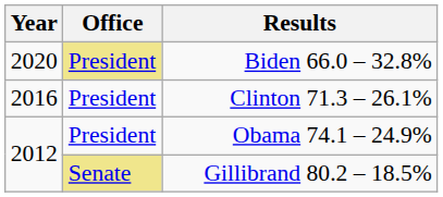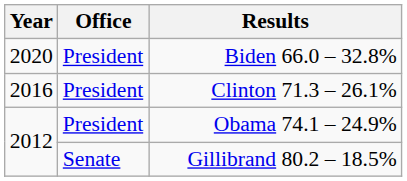 <table class=wikitable>
 <tr>
 <th width="30">Year</th>
 <th width="60">Office</th>
 <th width="180">Results</th>
 </tr>
 <tr>
 <td>2020</td>
-<td style="background: khaki;"><a href='#'>President</a></td>
+<td><a href='#'>President</a></td>
 <td align="right" ><a href='#'>Biden</a> 66.0 – 32.8%</td>
 </tr>
 <tr>
 <td>2016</td>
 <td><a href='#'>President</a></td>
 <td align="right" ><a href='#'>Clinton</a> 71.3 – 26.1%</td>
 </tr>
 <tr>
 <td rowspan="2">2012</td>
 <td><a href='#'>President</a></td>
 <td align="right" ><a href='#'>Obama</a> 74.1 – 24.9%</td>
 </tr>
 <tr>
-<td style="background: khaki;"><a href='#'>Senate</a></td>
+<td><a href='#'>Senate</a></td>
 <td align="right" ><a href='#'>Gillibrand</a> 80.2 – 18.5%</td>
 </tr>
 </table>
